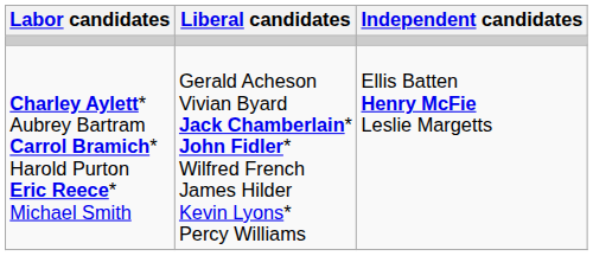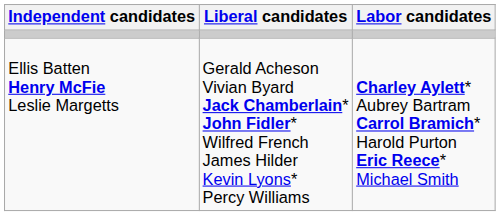 <table class="wikitable">
 <tr>
+<th><a href='#'>Independent</a> candidates</th>
+<th><a href='#'>Liberal</a> candidates</th>
 <th><a href='#'>Labor</a> candidates</th>
-<th><a href='#'>Liberal</a> candidates</th>
-<th><a href='#'>Independent</a> candidates</th>
 </tr>
 <tr bgcolor="#cccccc">
 <td></td>
 <td></td>
 <td></td>
 </tr>
 <tr>
+<td valign=top><br>Ellis Batten<br> <strong><a href='#'>Henry McFie</a></strong><br> Leslie Margetts</td>
+<td><br>Gerald Acheson<br> Vivian Byard<br> <strong><a href='#'>Jack Chamberlain</a></strong>*<br> <strong><a href='#'>John Fidler</a></strong>*<br> Wilfred French<br> James Hilder<br> <a href='#'>Kevin Lyons</a>*<br> Percy Williams</td>
 <td><br><strong><a href='#'>Charley Aylett</a></strong>*<br> Aubrey Bartram<br> <strong><a href='#'>Carrol Bramich</a></strong>*<br> Harold Purton<br> <strong><a href='#'>Eric Reece</a></strong>*<br> <a href='#'>Michael Smith</a></td>
-<td><br>Gerald Acheson<br> Vivian Byard<br> <strong><a href='#'>Jack Chamberlain</a></strong>*<br> <strong><a href='#'>John Fidler</a></strong>*<br> Wilfred French<br> James Hilder<br> <a href='#'>Kevin Lyons</a>*<br> Percy Williams</td>
-<td valign=top><br>Ellis Batten<br> <strong><a href='#'>Henry McFie</a></strong><br> Leslie Margetts</td>
 </tr>
 </table>
